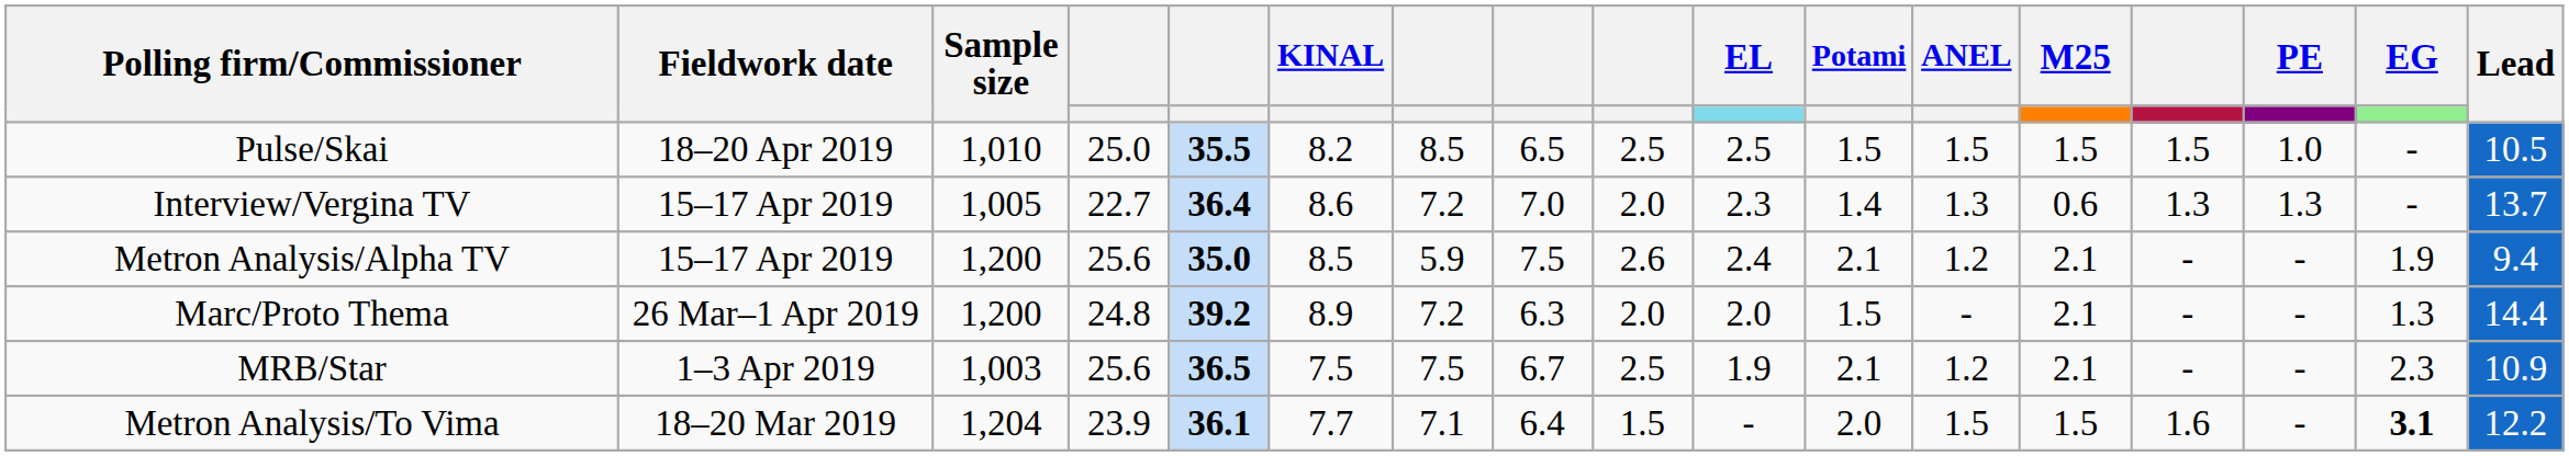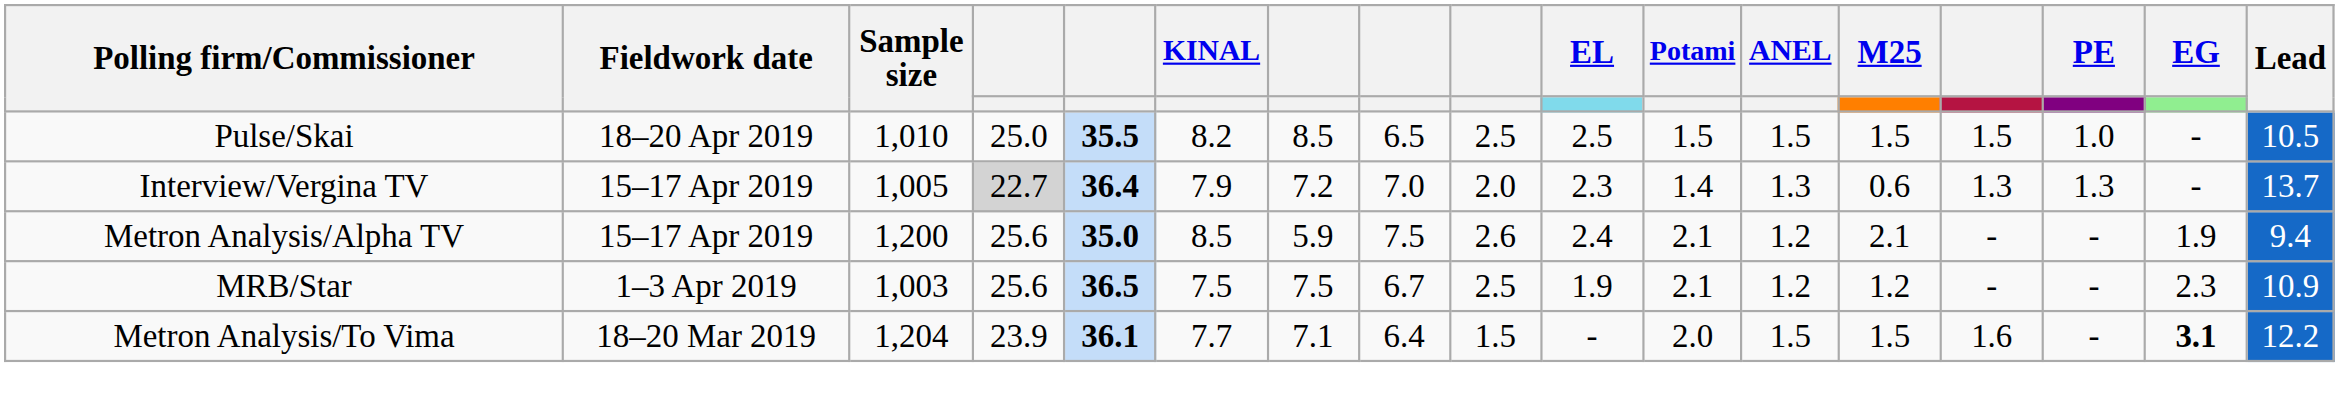 <table class="wikitable collapsible" style="text-align:center; font-size:95%; line-height:16px;">
 <tr style="height:42px;">
 <th style="width:250px;" rowspan="2">Polling firm/Commissioner</th>
 <th style="width:125px;" rowspan="2">Fieldwork date</th>
 <th style="width:50px;" rowspan="2">Sample size</th>
 <th style="width:35px;"></th>
 <th style="width:35px;"></th>
 <th style="width:35px; font-size:90%;"><a href='#'>KINAL</a></th>
 <th style="width:35px;"></th>
 <th style="width:35px;"></th>
 <th style="width:35px;"></th>
 <th style="width:35px;"><a href='#'>EL</a></th>
 <th style="width:35px; font-size:85%;"><a href='#'>Potami</a></th>
 <th style="width:35px; font-size:90%;"><a href='#'>ANEL</a></th>
 <th style="width:35px;"><a href='#'>M25</a></th>
 <th style="width:35px;"></th>
 <th style="width:35px;"><a href='#'>PE</a></th>
 <th style="width:35px;"><a href='#'>EG</a></th>
 <th rowspan="2">Lead</th>
 </tr>
 <tr>
 <th style="color:inherit;background:"></th>
 <th style="color:inherit;background:"></th>
 <th style="color:inherit;background:"></th>
 <th style="color:inherit;background:"></th>
 <th style="color:inherit;background:"></th>
 <th style="color:inherit;background:"></th>
 <th style="color:inherit;background:#80DAEB; width:40px;"></th>
 <th style="color:inherit;background:"></th>
 <th style="color:inherit;background:"></th>
 <th style="color:inherit;background:#FF7F00; width:40px;"></th>
 <th style="color:inherit;background:#B51442; width:40px;"></th>
 <th style="color:inherit;background:#800080; width:40px;"></th>
 <th style="color:inherit;background:#90EE90; width:40px;"></th>
 </tr>
 <tr>
 <td>Pulse/Skai</td>
 <td>18–20 Apr 2019</td>
 <td>1,010</td>
 <td>25.0</td>
 <td style="background:#C4DDF9"><strong>35.5</strong></td>
 <td>8.2</td>
 <td>8.5</td>
 <td>6.5</td>
 <td>2.5</td>
 <td>2.5</td>
 <td>1.5</td>
 <td>1.5</td>
 <td>1.5</td>
 <td>1.5</td>
 <td>1.0</td>
 <td>-</td>
 <td style="background:#1569C7; color:white;">10.5</td>
 </tr>
 <tr>
 <td>Interview/Vergina TV</td>
 <td>15–17 Apr 2019</td>
 <td>1,005</td>
-<td>22.7</td>
+<td style="background: lightgrey;">22.7</td>
 <td style="background:#C4DDF9"><strong>36.4</strong></td>
-<td>8.6</td>
+<td>7.9</td>
 <td>7.2</td>
 <td>7.0</td>
 <td>2.0</td>
 <td>2.3</td>
 <td>1.4</td>
 <td>1.3</td>
 <td>0.6</td>
 <td>1.3</td>
 <td>1.3</td>
 <td>-</td>
 <td style="background:#1569C7; color:white;">13.7</td>
 </tr>
 <tr>
 <td>Metron Analysis/Alpha TV</td>
 <td>15–17 Apr 2019</td>
 <td>1,200</td>
 <td>25.6</td>
 <td style="background:#C4DDF9"><strong>35.0</strong></td>
 <td>8.5</td>
 <td>5.9</td>
 <td>7.5</td>
 <td>2.6</td>
 <td>2.4</td>
 <td>2.1</td>
 <td>1.2</td>
 <td>2.1</td>
 <td>-</td>
 <td>-</td>
 <td>1.9</td>
 <td style="background:#1569C7; color:white;">9.4</td>
 </tr>
 <tr>
-<td>Marc/Proto Thema</td>
-<td>26 Mar–1 Apr 2019</td>
-<td>1,200</td>
-<td>24.8</td>
-<td style="background:#C4DDF9"><strong>39.2</strong></td>
-<td>8.9</td>
-<td>7.2</td>
-<td>6.3</td>
-<td>2.0</td>
-<td>2.0</td>
-<td>1.5</td>
-<td>-</td>
-<td>2.1</td>
-<td>-</td>
-<td>-</td>
-<td>1.3</td>
-<td style="background:#1569C7; color:white;">14.4</td>
-</tr>
-<tr>
 <td>MRB/Star</td>
 <td>1–3 Apr 2019</td>
 <td>1,003</td>
 <td>25.6</td>
 <td style="background:#C4DDF9"><strong>36.5</strong></td>
 <td>7.5</td>
 <td>7.5</td>
 <td>6.7</td>
 <td>2.5</td>
 <td>1.9</td>
 <td>2.1</td>
 <td>1.2</td>
-<td>2.1</td>
+<td>1.2</td>
 <td>-</td>
 <td>-</td>
 <td>2.3</td>
 <td style="background:#1569C7; color:white;">10.9</td>
 </tr>
 <tr>
 <td>Metron Analysis/To Vima</td>
 <td>18–20 Mar 2019</td>
 <td>1,204</td>
 <td>23.9</td>
 <td style="background:#C4DDF9"><strong>36.1</strong></td>
 <td>7.7</td>
 <td>7.1</td>
 <td>6.4</td>
 <td>1.5</td>
 <td>-</td>
 <td>2.0</td>
 <td>1.5</td>
 <td>1.5</td>
 <td>1.6</td>
 <td>-</td>
 <td><strong>3.1</strong></td>
 <td style="background:#1569C7; color:white;">12.2</td>
 </tr>
 </table>
